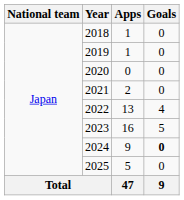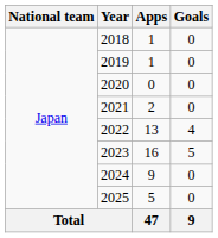 <table class="wikitable" style="text-align:center">
 <tr>
 <th>National team</th>
 <th>Year</th>
 <th>Apps</th>
 <th>Goals</th>
 </tr>
 <tr>
 <td rowspan="8"><a href='#'>Japan</a></td>
 <td>2018</td>
 <td>1</td>
 <td>0</td>
 </tr>
 <tr>
 <td>2019</td>
 <td>1</td>
 <td>0</td>
 </tr>
 <tr>
 <td>2020</td>
 <td>0</td>
 <td>0</td>
 </tr>
 <tr>
 <td>2021</td>
 <td>2</td>
 <td>0</td>
 </tr>
 <tr>
 <td>2022</td>
 <td>13</td>
 <td>4</td>
 </tr>
 <tr>
 <td>2023</td>
 <td>16</td>
 <td>5</td>
 </tr>
 <tr>
 <td>2024</td>
 <td>9</td>
-<td><strong>0</strong></td>
+<td>0</td>
 </tr>
 <tr>
 <td>2025</td>
 <td>5</td>
 <td>0</td>
 </tr>
 <tr>
 <th colspan="2">Total</th>
 <th>47</th>
 <th>9</th>
 </tr>
 </table>
